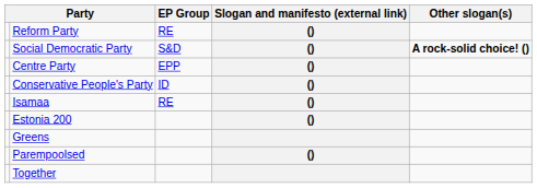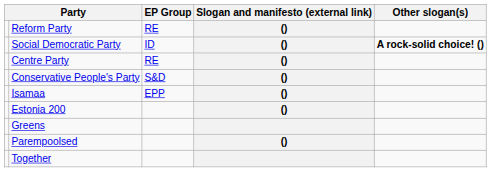 <table class="wikitable sortable">
 <tr>
 <th colspan="2">Party</th>
 <th>EP Group</th>
 <th colspan="2" class="unsortable">Slogan and manifesto (external link)</th>
 <th class="unsortable">Other slogan(s)</th>
 </tr>
 <tr>
 <td style="background:"></td>
 <td><a href='#'>Reform Party</a></td>
 <td><a href='#'>RE</a></td>
 <th colspan="2"> ()</th>
 <td></td>
 </tr>
 <tr>
 <td style="background:"></td>
 <td><a href='#'>Social Democratic Party</a></td>
-<td><a href='#'>S&D</a></td>
+<td><a href='#'>ID</a></td>
 <th colspan="2"><em></em> ()</th>
 <td><strong>A rock-solid choice! ()</strong></td>
 </tr>
 <tr>
 <td style="background:"></td>
 <td><a href='#'>Centre Party</a></td>
-<td><a href='#'>EPP</a></td>
+<td><a href='#'>RE</a></td>
 <th colspan="2"> ()</th>
 <td></td>
 </tr>
 <tr>
 <td style="background:"></td>
 <td><a href='#'>Conservative People's Party</a></td>
-<td><a href='#'>ID</a></td>
+<td><a href='#'>S&D</a></td>
 <th colspan="2"><em></em> ()</th>
 <td></td>
 </tr>
 <tr>
 <td style="background:"></td>
 <td><a href='#'>Isamaa</a></td>
-<td><a href='#'>RE</a></td>
+<td><a href='#'>EPP</a></td>
 <th colspan="2"><em></em> ()</th>
 <td></td>
 </tr>
 <tr>
 <td style="background:"></td>
 <td><a href='#'>Estonia 200</a></td>
 <td></td>
 <th colspan="2"><em></em> ()</th>
 <td></td>
 </tr>
 <tr>
 <td style="background:"></td>
 <td><a href='#'>Greens</a></td>
 <td></td>
 <th colspan="2"></th>
 <td></td>
 </tr>
 <tr>
 <td style="background:"></td>
 <td><a href='#'>Parempoolsed</a></td>
 <td></td>
 <th colspan="2"><em></em> ()</th>
 <td></td>
 </tr>
 <tr>
 <td style="background:"></td>
 <td><a href='#'>Together</a></td>
 <td></td>
 <th colspan="2"></th>
 <td></td>
 </tr>
 </table>
